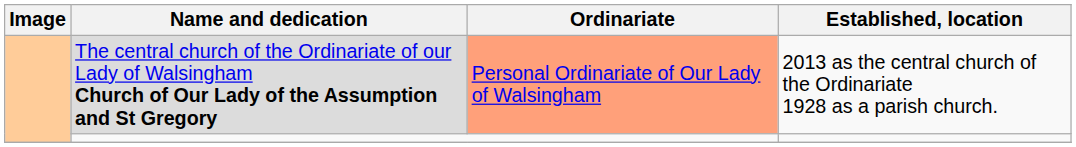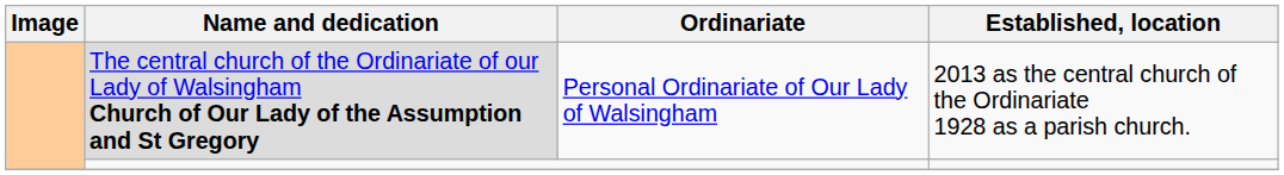 <table class="wikitable">
 <tr>
 <th>Image</th>
 <th>Name and dedication</th>
 <th>Ordinariate</th>
 <th>Established, location</th>
 </tr>
 <tr>
 <td rowspan="2" bgcolor="FFCC99" align="center"></td>
 <td bgcolor="Gainsboro"><a href='#'>The central church of the Ordinariate of our Lady of Walsingham</a><br><strong>Church of Our Lady of the Assumption and St Gregory</strong></td>
-<td style="background: lightsalmon;"><a href='#'>Personal Ordinariate of Our Lady of Walsingham</a></td>
+<td><a href='#'>Personal Ordinariate of Our Lady of Walsingham</a></td>
 <td>2013 as the central church of the Ordinariate<br>1928 as a parish church.</td>
 </tr>
 <tr>
 <td colspan="2"></td>
 <td></td>
 </tr>
 <tr>
 </tr>
 </table>
